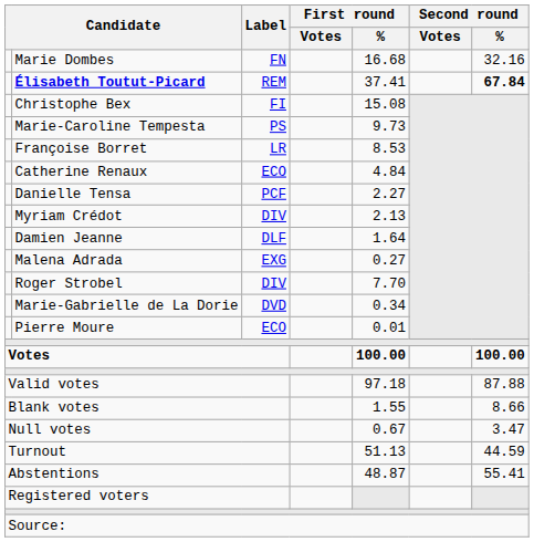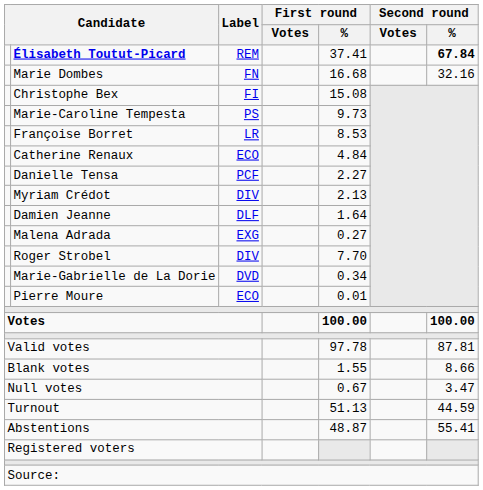 <table class="wikitable" style="text-align:right;font-size:95%;">
 <tr>
 <th rowspan="2" colspan="2">Candidate</th>
 <th rowspan="2">Label</th>
 <th colspan="2">First round</th>
 <th colspan="2">Second round</th>
 </tr>
 <tr>
 <th style="width:50px;">Votes</th>
 <th style="width:45px;">%</th>
 <th style="width:50px;">Votes</th>
 <th style="width:45px;">%</th>
 </tr>
 <tr>
 <td style="color:inherit;background:"></td>
+<td style="text-align:left;"><strong><a href='#'>Élisabeth Toutut-Picard</a></strong></td>
+<td><a href='#'>REM</a></td>
+<td></td>
+<td>37.41</td>
+<td><strong></strong></td>
+<td><strong>67.84</strong></td>
+</tr>
+<tr>
+<td style="color:inherit;background:"></td>
 <td style="text-align:left;">Marie Dombes</td>
 <td><a href='#'>FN</a></td>
 <td></td>
 <td>16.68</td>
 <td></td>
 <td>32.16</td>
-</tr>
-<tr>
-<td style="color:inherit;background:"></td>
-<td style="text-align:left;"><strong><a href='#'>Élisabeth Toutut-Picard</a></strong></td>
-<td><a href='#'>REM</a></td>
-<td></td>
-<td>37.41</td>
-<td><strong></strong></td>
-<td><strong>67.84</strong></td>
 </tr>
 <tr>
 <td style="color:inherit;background:"></td>
 <td style="text-align:left;">Christophe Bex</td>
 <td><a href='#'>FI</a></td>
 <td></td>
 <td>15.08</td>
 <td colspan="2" rowspan="11" style="background:#E9E9E9;"></td>
 </tr>
 <tr>
 <td style="color:inherit;background:"></td>
 <td style="text-align:left;">Marie-Caroline Tempesta</td>
 <td><a href='#'>PS</a></td>
 <td></td>
 <td>9.73</td>
 </tr>
 <tr>
 <td style="color:inherit;background:"></td>
 <td style="text-align:left;">Françoise Borret</td>
 <td><a href='#'>LR</a></td>
 <td></td>
 <td>8.53</td>
 </tr>
 <tr>
 <td style="color:inherit;background:"></td>
 <td style="text-align:left;">Catherine Renaux</td>
 <td><a href='#'>ECO</a></td>
 <td></td>
 <td>4.84</td>
 </tr>
 <tr>
 <td style="color:inherit;background:"></td>
 <td style="text-align:left;">Danielle Tensa</td>
 <td><a href='#'>PCF</a></td>
 <td></td>
 <td>2.27</td>
 </tr>
 <tr>
 <td style="color:inherit;background:"></td>
 <td style="text-align:left;">Myriam Crédot</td>
 <td><a href='#'>DIV</a></td>
 <td></td>
 <td>2.13</td>
 </tr>
 <tr>
 <td style="color:inherit;background:"></td>
 <td style="text-align:left;">Damien Jeanne</td>
 <td><a href='#'>DLF</a></td>
 <td></td>
 <td>1.64</td>
 </tr>
 <tr>
 <td style="color:inherit;background:"></td>
 <td style="text-align:left;">Malena Adrada</td>
 <td><a href='#'>EXG</a></td>
 <td></td>
 <td>0.27</td>
 </tr>
 <tr>
 <td style="color:inherit;background:"></td>
 <td style="text-align:left;">Roger Strobel</td>
 <td><a href='#'>DIV</a></td>
 <td></td>
 <td>7.70</td>
 </tr>
 <tr>
 <td style="color:inherit;background:"></td>
 <td style="text-align:left;">Marie-Gabrielle de La Dorie</td>
 <td><a href='#'>DVD</a></td>
 <td></td>
 <td>0.34</td>
 </tr>
 <tr>
 <td style="color:inherit;background:"></td>
 <td style="text-align:left;">Pierre Moure</td>
 <td><a href='#'>ECO</a></td>
 <td></td>
 <td>0.01</td>
 </tr>
 <tr>
 <td colspan="7" style="background:#E9E9E9;"></td>
 </tr>
 <tr style="font-weight:bold;">
 <td colspan="3" style="text-align:left;">Votes</td>
 <td></td>
 <td>100.00</td>
 <td></td>
 <td>100.00</td>
 </tr>
 <tr>
 <td colspan="7" style="background:#E9E9E9;"></td>
 </tr>
 <tr>
 <td colspan="3" style="text-align:left;">Valid votes</td>
 <td></td>
-<td>97.18</td>
+<td>97.78</td>
 <td></td>
-<td>87.88</td>
+<td>87.81</td>
 </tr>
 <tr>
 <td colspan="3" style="text-align:left;">Blank votes</td>
 <td></td>
 <td>1.55</td>
 <td></td>
 <td>8.66</td>
 </tr>
 <tr>
 <td colspan="3" style="text-align:left;">Null votes</td>
 <td></td>
 <td>0.67</td>
 <td></td>
 <td>3.47</td>
 </tr>
 <tr>
 <td colspan="3" style="text-align:left;">Turnout</td>
 <td></td>
 <td>51.13</td>
 <td></td>
 <td>44.59</td>
 </tr>
 <tr>
 <td colspan="3" style="text-align:left;">Abstentions</td>
 <td></td>
 <td>48.87</td>
 <td></td>
 <td>55.41</td>
 </tr>
 <tr>
 <td colspan="3" style="text-align:left;">Registered voters</td>
 <td></td>
 <td style="color:inherit;background:#E9E9E9;"></td>
 <td></td>
 <td style="color:inherit;background:#E9E9E9;"></td>
 </tr>
 <tr>
 <td colspan="7" style="background:#E9E9E9;"></td>
 </tr>
 <tr>
 <td colspan="7" style="text-align:left;">Source: </td>
 </tr>
 </table>
